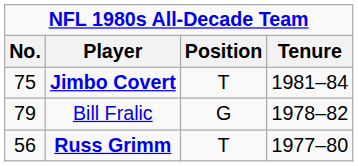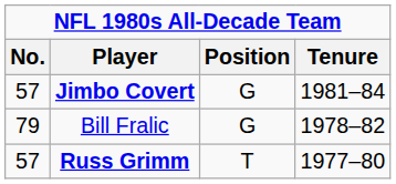 <table class="wikitable" style="text-align:center">
 <tr>
 <td colspan="4"><strong><a href='#'><span>NFL 1980s All-Decade Team</span></a></strong></td>
 </tr>
 <tr>
 <th>No.</th>
 <th>Player</th>
 <th>Position</th>
 <th>Tenure</th>
 </tr>
 <tr>
-<td>75</td>
+<td>57</td>
 <td><strong><a href='#'>Jimbo Covert</a></strong></td>
-<td>T</td>
+<td>G</td>
 <td>1981–84</td>
 </tr>
 <tr>
 <td>79</td>
 <td><a href='#'>Bill Fralic</a></td>
 <td>G</td>
 <td>1978–82</td>
 </tr>
 <tr>
-<td>56</td>
+<td>57</td>
 <td><strong><a href='#'>Russ Grimm</a></strong></td>
 <td>T</td>
 <td>1977–80</td>
 </tr>
 </table>
